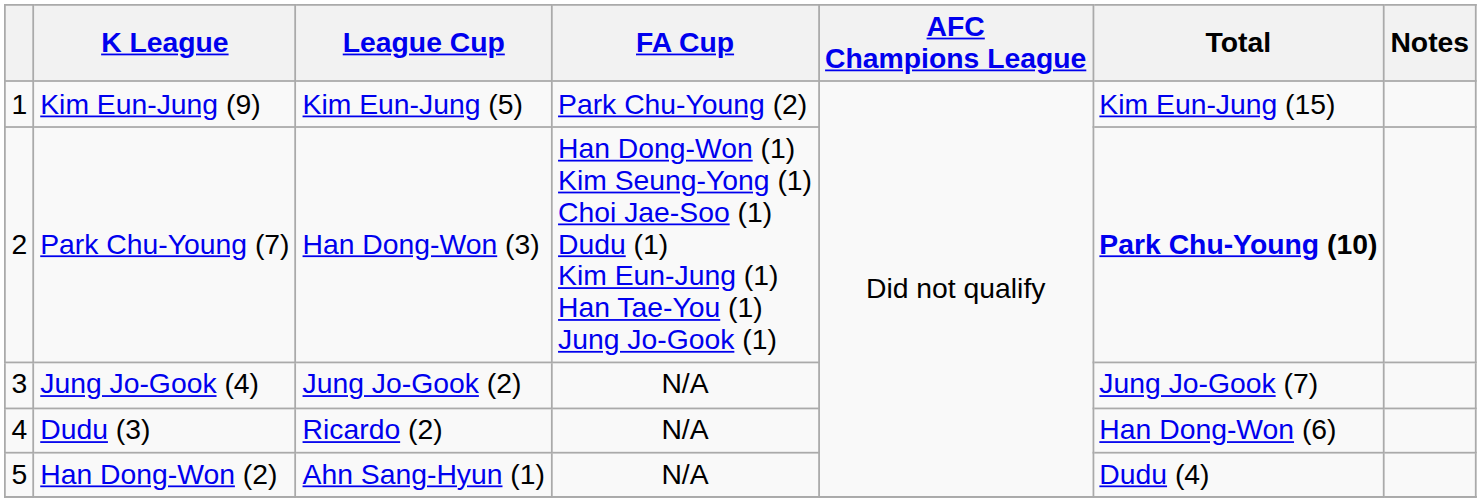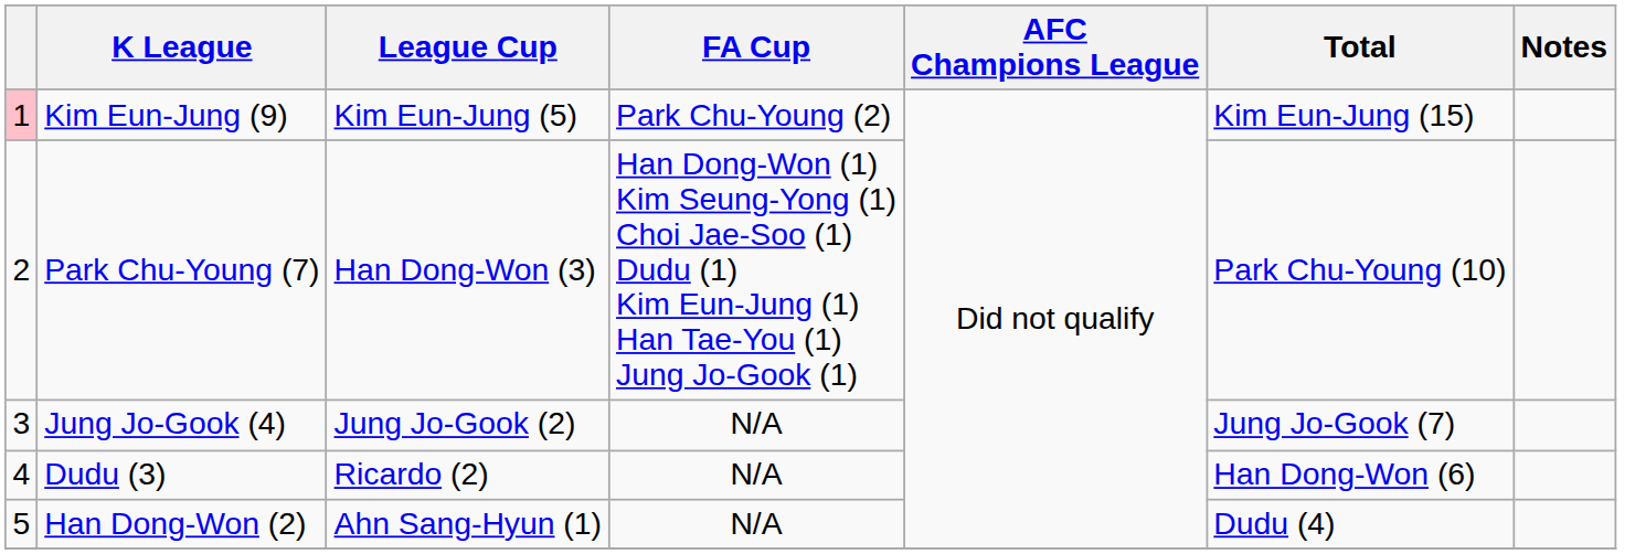 <table class="wikitable" style="text-align:center">
 <tr>
 <th></th>
 <th><a href='#'>K League</a></th>
 <th><a href='#'>League Cup</a></th>
 <th><a href='#'>FA Cup</a></th>
 <th><a href='#'>AFC<br>Champions League</a></th>
 <th>Total</th>
 <th>Notes</th>
 </tr>
 <tr>
-<td>1</td>
+<td style="background: pink;">1</td>
 <td align=left> <a href='#'>Kim Eun-Jung</a> (9)</td>
 <td align=left> <a href='#'>Kim Eun-Jung</a> (5)</td>
 <td align=left> <a href='#'>Park Chu-Young</a> (2)</td>
 <td rowspan="5">Did not qualify</td>
 <td align=left> <a href='#'>Kim Eun-Jung</a> (15)</td>
 <td></td>
 </tr>
 <tr>
 <td>2</td>
 <td align=left> <a href='#'>Park Chu-Young</a> (7)</td>
 <td align=left> <a href='#'>Han Dong-Won</a> (3)</td>
 <td align=left> <a href='#'>Han Dong-Won</a> (1) <br>  <a href='#'>Kim Seung-Yong</a> (1)<br> <a href='#'>Choi Jae-Soo</a> (1) <br>  <a href='#'>Dudu</a> (1) <br>  <a href='#'>Kim Eun-Jung</a> (1) <br>  <a href='#'>Han Tae-You</a> (1) <br>  <a href='#'>Jung Jo-Gook</a> (1)</td>
-<td align=left><strong> <a href='#'>Park Chu-Young</a> (10)</strong></td>
+<td align=left> <a href='#'>Park Chu-Young</a> (10)</td>
 <td></td>
 </tr>
 <tr>
 <td>3</td>
 <td align=left> <a href='#'>Jung Jo-Gook</a> (4)</td>
 <td align=left> <a href='#'>Jung Jo-Gook</a> (2)</td>
 <td>N/A</td>
 <td align=left> <a href='#'>Jung Jo-Gook</a> (7)</td>
 <td></td>
 </tr>
 <tr>
 <td>4</td>
 <td align=left> <a href='#'>Dudu</a> (3)</td>
 <td align=left> <a href='#'>Ricardo</a> (2)</td>
 <td>N/A</td>
 <td align=left> <a href='#'>Han Dong-Won</a> (6)</td>
 <td></td>
 </tr>
 <tr>
 <td>5</td>
 <td align=left> <a href='#'>Han Dong-Won</a> (2)</td>
 <td align=left> <a href='#'>Ahn Sang-Hyun</a> (1)</td>
 <td>N/A</td>
 <td align=left> <a href='#'>Dudu</a> (4)</td>
 <td></td>
 </tr>
 <tr>
 </tr>
 </table>
